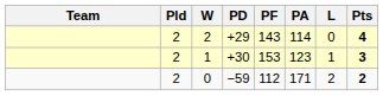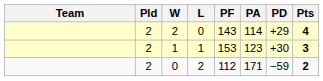 <table class=wikitable style="text-align:center">
 <tr>
 <th width=180>Team</th>
 <th width=30>Pld</th>
 <th width=30>W</th>
-<th width=30>PD</th>
+<th width=30>L</th>
 <th width=30>PF</th>
 <th width=30>PA</th>
-<th width=30>L</th>
+<th width=30>PD</th>
 <th width=30>Pts</th>
 </tr>
 <tr align=center bgcolor="#ffffcc">
 <td align="left"></td>
 <td>2</td>
 <td>2</td>
-<td>+29</td>
+<td>0</td>
 <td>143</td>
 <td>114</td>
-<td>0</td>
+<td>+29</td>
 <td><strong>4</strong></td>
 </tr>
 <tr align=center bgcolor="#ffffcc">
 <td align="left"></td>
 <td>2</td>
 <td>1</td>
-<td>+30</td>
+<td>1</td>
 <td>153</td>
 <td>123</td>
-<td>1</td>
+<td>+30</td>
 <td><strong>3</strong></td>
 </tr>
 <tr>
 <td align="left"></td>
 <td>2</td>
 <td>0</td>
-<td>−59</td>
+<td>2</td>
 <td>112</td>
 <td>171</td>
-<td>2</td>
+<td>−59</td>
 <td><strong>2</strong></td>
 </tr>
 </table>
